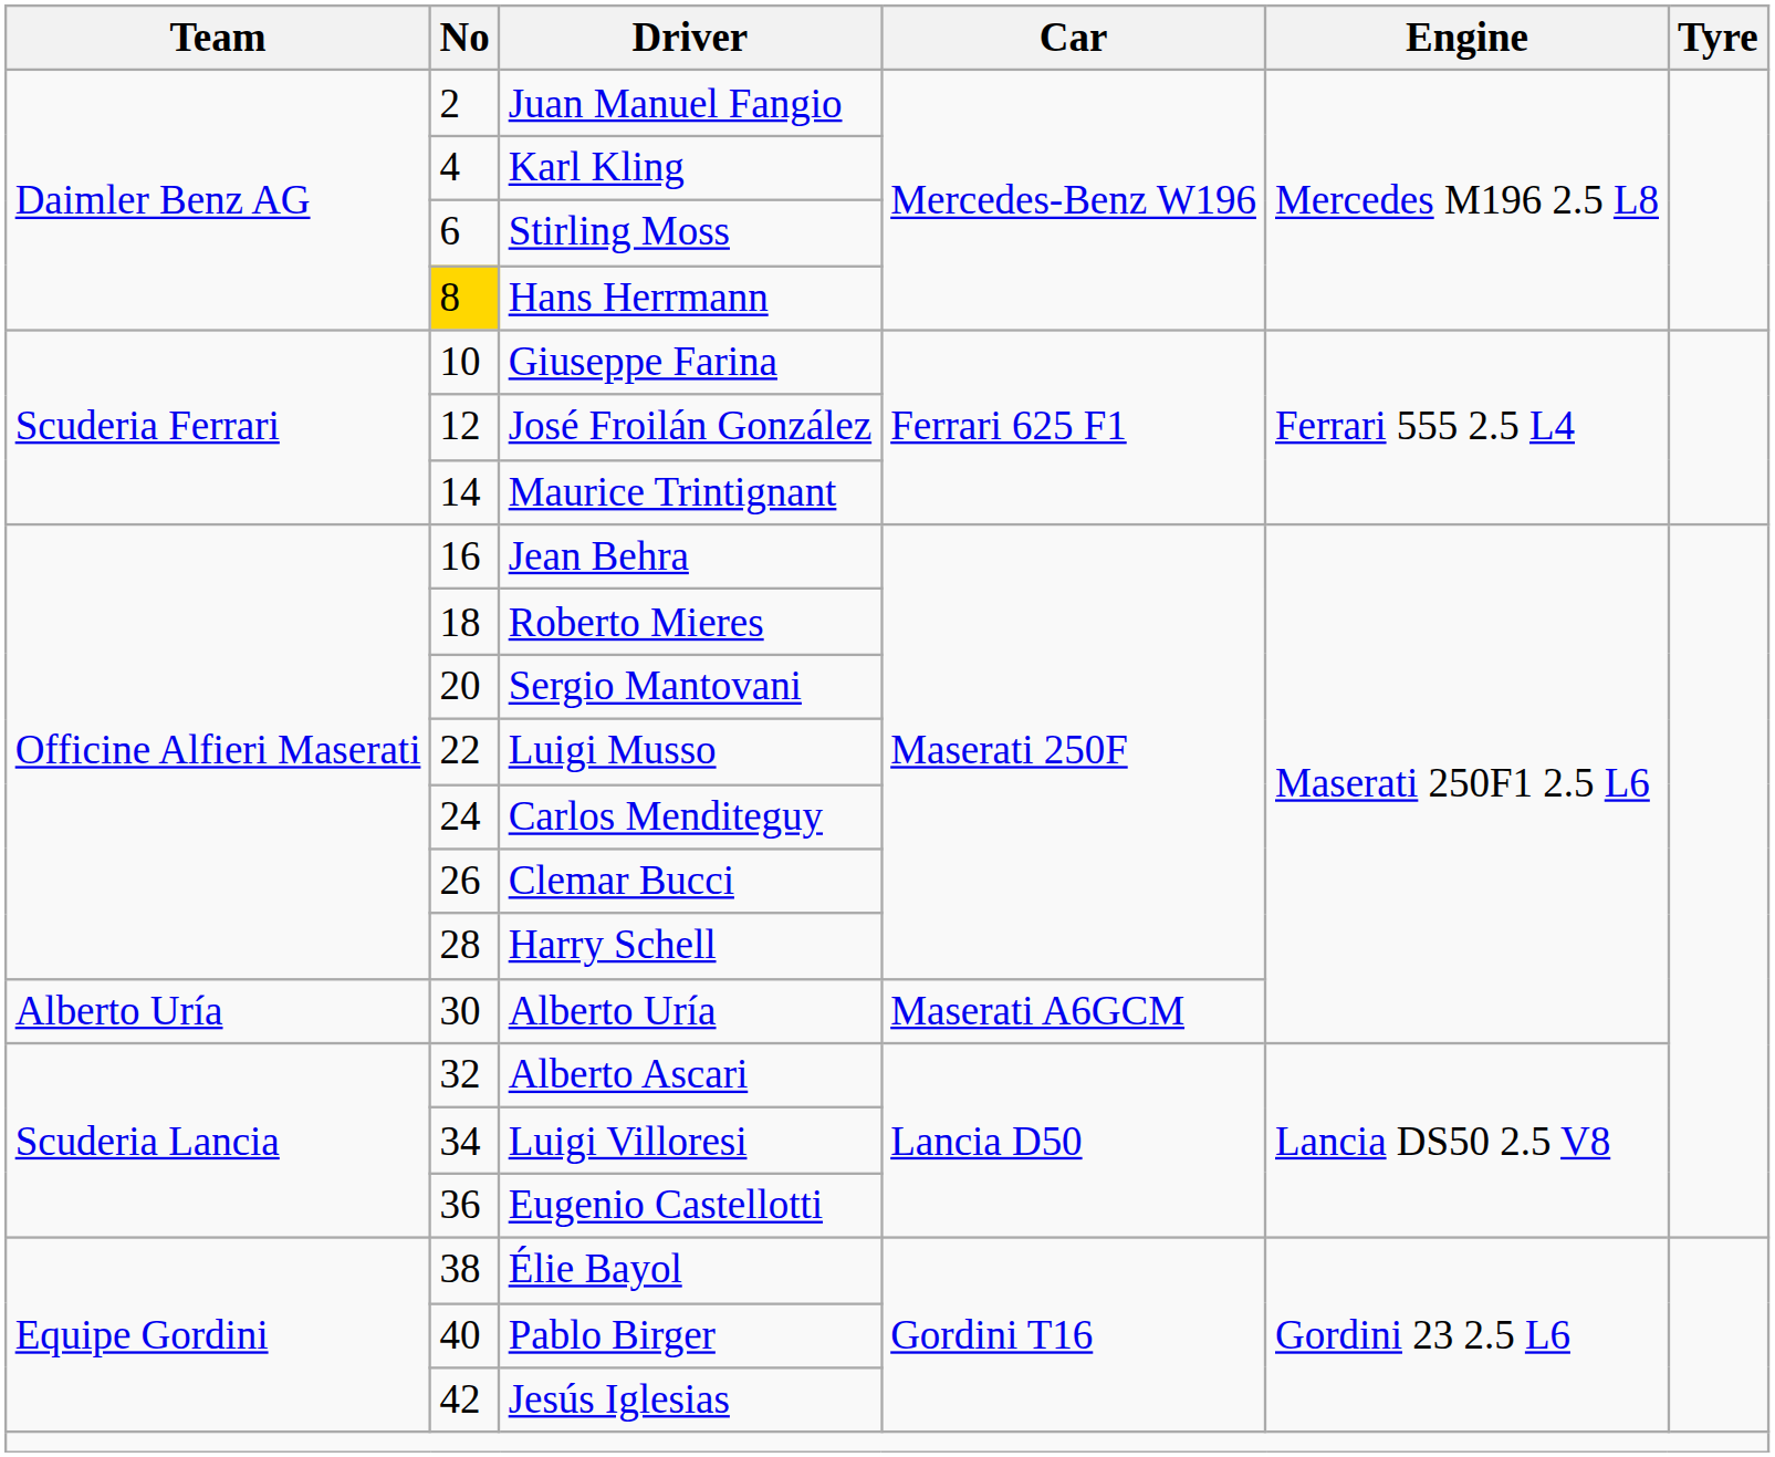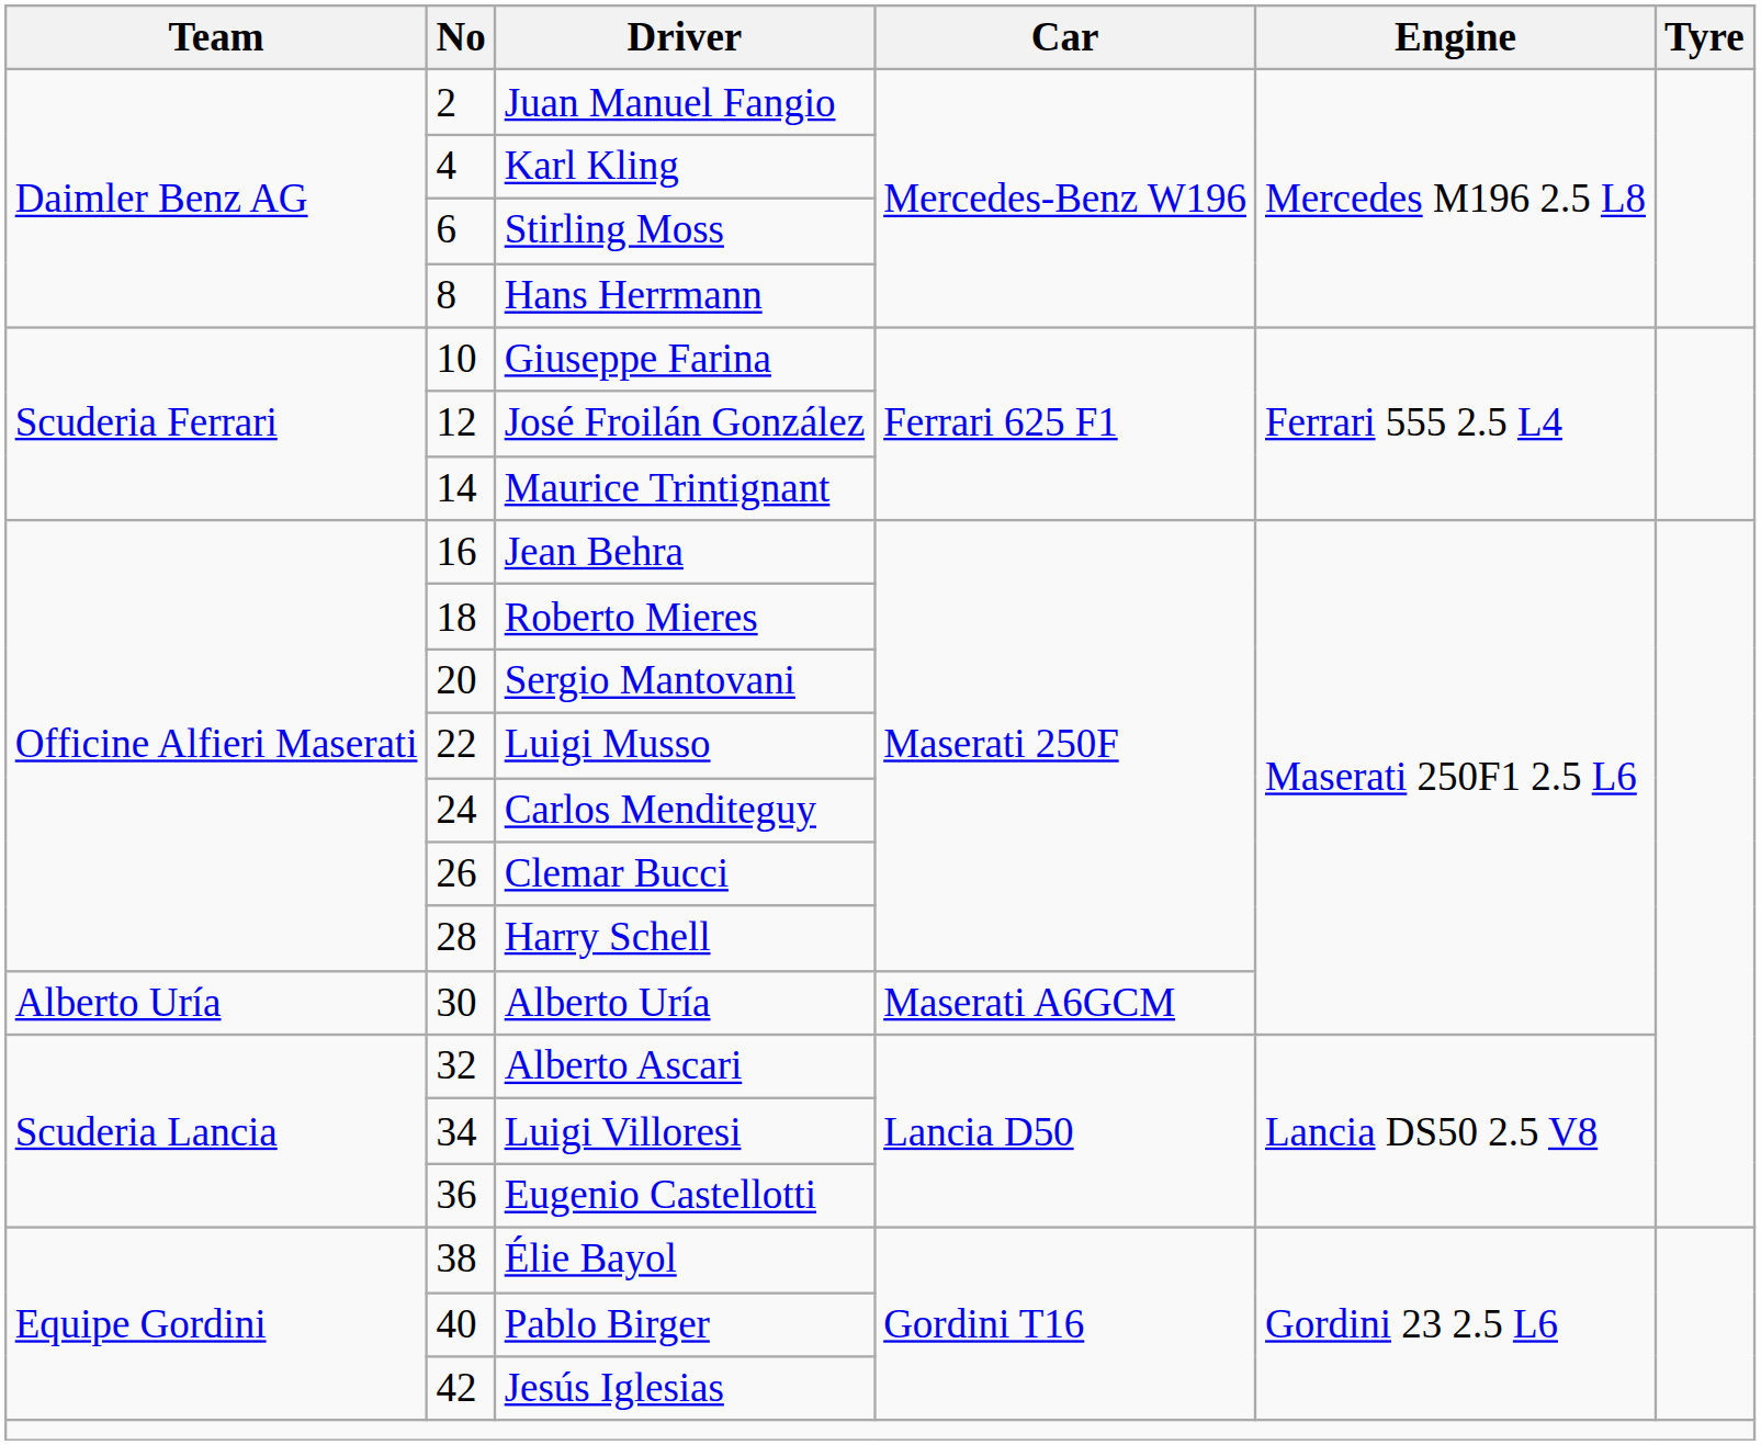 <table class="wikitable">
 <tr>
 <th>Team</th>
 <th>No</th>
 <th>Driver</th>
 <th>Car</th>
 <th>Engine</th>
 <th>Tyre</th>
 </tr>
 <tr>
 <td rowspan="4"> <a href='#'>Daimler Benz AG</a></td>
 <td>2</td>
 <td> <a href='#'>Juan Manuel Fangio</a></td>
 <td rowspan="4"><a href='#'>Mercedes-Benz W196</a></td>
 <td rowspan="4"><a href='#'>Mercedes</a> M196 2.5 <a href='#'>L8</a></td>
 <td rowspan="4"></td>
 </tr>
 <tr>
 <td>4</td>
 <td> <a href='#'>Karl Kling</a></td>
 </tr>
 <tr>
 <td>6</td>
 <td> <a href='#'>Stirling Moss</a></td>
 </tr>
 <tr>
-<td style="background: gold;">8</td>
+<td>8</td>
 <td> <a href='#'>Hans Herrmann</a></td>
 </tr>
 <tr>
 <td rowspan="3"> <a href='#'>Scuderia Ferrari</a></td>
 <td>10</td>
 <td> <a href='#'>Giuseppe Farina</a></td>
 <td rowspan="3"><a href='#'>Ferrari 625 F1</a></td>
 <td rowspan="3"><a href='#'>Ferrari</a> 555 2.5 <a href='#'>L4</a></td>
 <td rowspan="3"></td>
 </tr>
 <tr>
 <td>12</td>
 <td> <a href='#'>José Froilán González</a></td>
 </tr>
 <tr>
 <td>14</td>
 <td> <a href='#'>Maurice Trintignant</a></td>
 </tr>
 <tr>
 <td rowspan="7"> <a href='#'>Officine Alfieri Maserati</a></td>
 <td>16</td>
 <td> <a href='#'>Jean Behra</a></td>
 <td rowspan="7"><a href='#'>Maserati 250F</a></td>
 <td rowspan="8"><a href='#'>Maserati</a> 250F1 2.5 <a href='#'>L6</a></td>
 <td rowspan="11"></td>
 </tr>
 <tr>
 <td>18</td>
 <td> <a href='#'>Roberto Mieres</a></td>
 </tr>
 <tr>
 <td>20</td>
 <td> <a href='#'>Sergio Mantovani</a></td>
 </tr>
 <tr>
 <td>22</td>
 <td> <a href='#'>Luigi Musso</a></td>
 </tr>
 <tr>
 <td>24</td>
 <td> <a href='#'>Carlos Menditeguy</a></td>
 </tr>
 <tr>
 <td>26</td>
 <td> <a href='#'>Clemar Bucci</a></td>
 </tr>
 <tr>
 <td>28</td>
 <td> <a href='#'>Harry Schell</a></td>
 </tr>
 <tr>
 <td> <a href='#'>Alberto Uría</a></td>
 <td>30</td>
 <td> <a href='#'>Alberto Uría</a></td>
 <td><a href='#'>Maserati A6GCM</a></td>
 </tr>
 <tr>
 <td rowspan="3"> <a href='#'>Scuderia Lancia</a></td>
 <td>32</td>
 <td> <a href='#'>Alberto Ascari</a></td>
 <td rowspan="3"><a href='#'>Lancia D50</a></td>
 <td rowspan="3"><a href='#'>Lancia</a> DS50 2.5 <a href='#'>V8</a></td>
 </tr>
 <tr>
 <td>34</td>
 <td> <a href='#'>Luigi Villoresi</a></td>
 </tr>
 <tr>
 <td>36</td>
 <td> <a href='#'>Eugenio Castellotti</a></td>
 </tr>
 <tr>
 <td rowspan="3"> <a href='#'>Equipe Gordini</a></td>
 <td>38</td>
 <td> <a href='#'>Élie Bayol</a></td>
 <td rowspan="3"><a href='#'>Gordini T16</a></td>
 <td rowspan="3"><a href='#'>Gordini</a> 23 2.5 <a href='#'>L6</a></td>
 <td rowspan="3"></td>
 </tr>
 <tr>
 <td>40</td>
 <td> <a href='#'>Pablo Birger</a></td>
 </tr>
 <tr>
 <td>42</td>
 <td> <a href='#'>Jesús Iglesias</a></td>
 </tr>
 <tr>
 <td colspan=6></td>
 </tr>
 </table>
